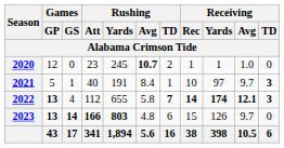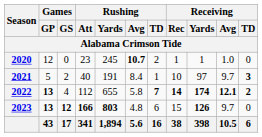 <table class="wikitable" style="text-align:center;">
 <tr>
 <th rowspan="2">Season</th>
 <th colspan="2">Games</th>
 <th colspan="4">Rushing</th>
 <th colspan="4">Receiving</th>
 </tr>
 <tr>
 <th>GP</th>
 <th>GS</th>
 <th>Att</th>
 <th>Yards</th>
 <th>Avg</th>
 <th>TD</th>
 <th>Rec</th>
 <th>Yards</th>
 <th>Avg</th>
 <th>TD</th>
 </tr>
 <tr>
 <th colspan="15">Alabama Crimson Tide</th>
 </tr>
 <tr>
 <th><a href='#'>2020</a></th>
 <td>12</td>
 <td>0</td>
 <td>23</td>
 <td>245</td>
 <td><strong>10.7</strong></td>
 <td>2</td>
 <td>1</td>
 <td>1</td>
 <td>1.0</td>
 <td>0</td>
 </tr>
 <tr>
 <th><a href='#'>2021</a></th>
 <td>5</td>
-<td>1</td>
+<td>2</td>
 <td>40</td>
 <td>191</td>
 <td>8.4</td>
 <td>1</td>
 <td>10</td>
 <td>97</td>
 <td>9.7</td>
 <td><strong>3</strong></td>
 </tr>
 <tr>
 <th><a href='#'>2022</a></th>
 <td><strong>13</strong></td>
 <td>4</td>
 <td>112</td>
 <td>655</td>
 <td>5.8</td>
 <td><strong>7</strong></td>
 <td><strong>14</strong></td>
 <td><strong>174</strong></td>
 <td><strong>12.1</strong></td>
-<td><strong>3</strong></td>
+<td><strong>2</strong></td>
 </tr>
 <tr>
 <th><a href='#'>2023</a></th>
 <td><strong>13</strong></td>
-<td><strong>14</strong></td>
+<td><strong>12</strong></td>
 <td><strong>166</strong></td>
 <td><strong>803</strong></td>
 <td>4.8</td>
 <td>6</td>
 <td>15</td>
-<td>126</td>
+<td><strong>126</strong></td>
 <td>9.7</td>
 <td>0</td>
 </tr>
 <tr>
 <th></th>
 <th>43</th>
 <th>17</th>
 <th>341</th>
 <th>1,894</th>
 <th>5.6</th>
 <th>16</th>
 <th>38</th>
 <th>398</th>
 <th>10.5</th>
 <th>6</th>
 </tr>
 </table>
